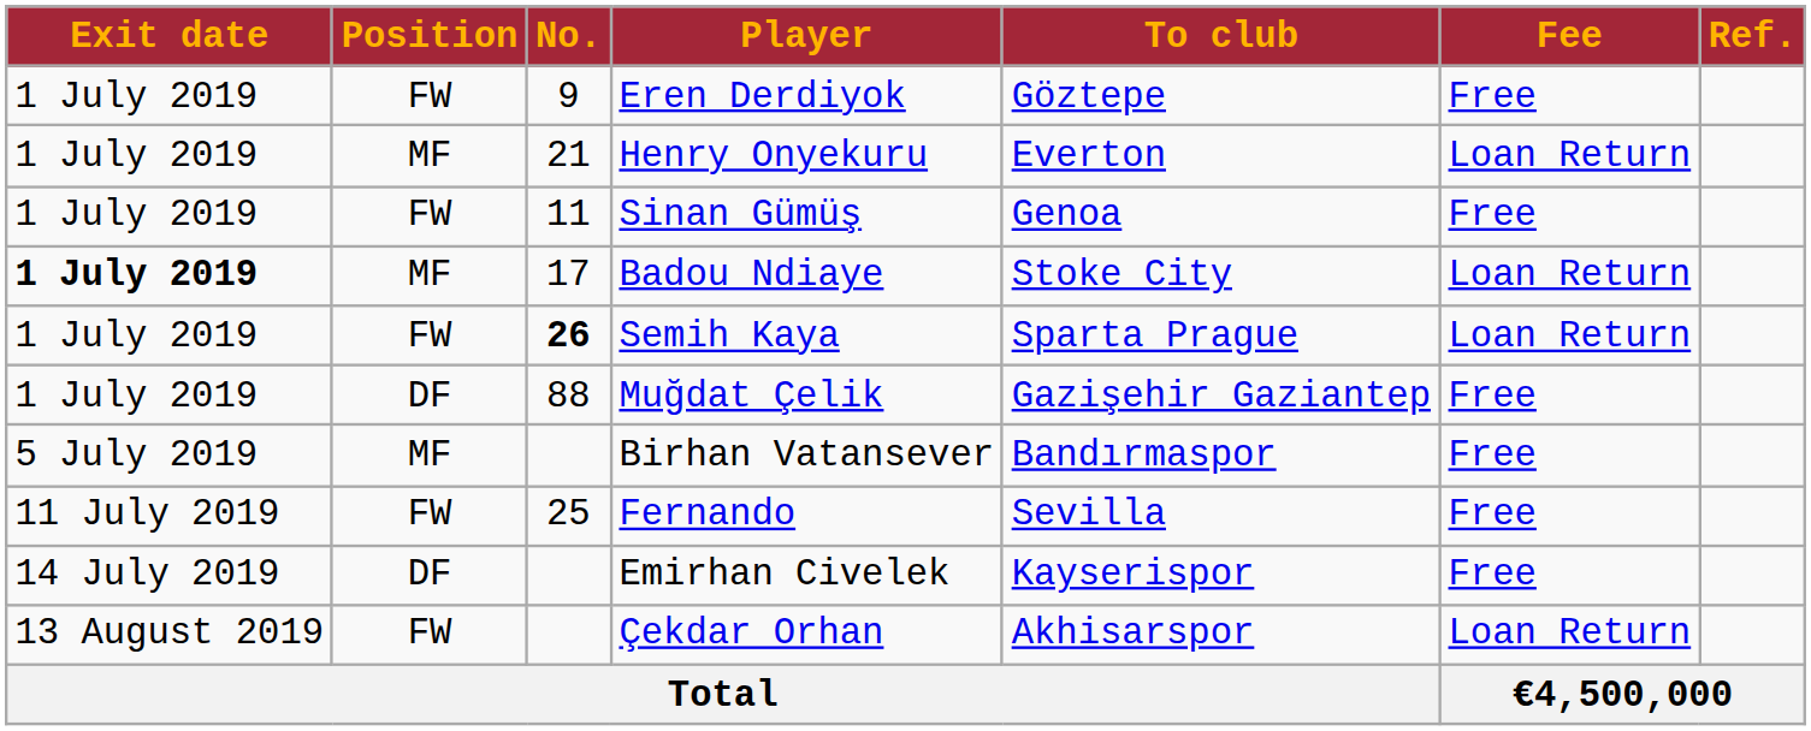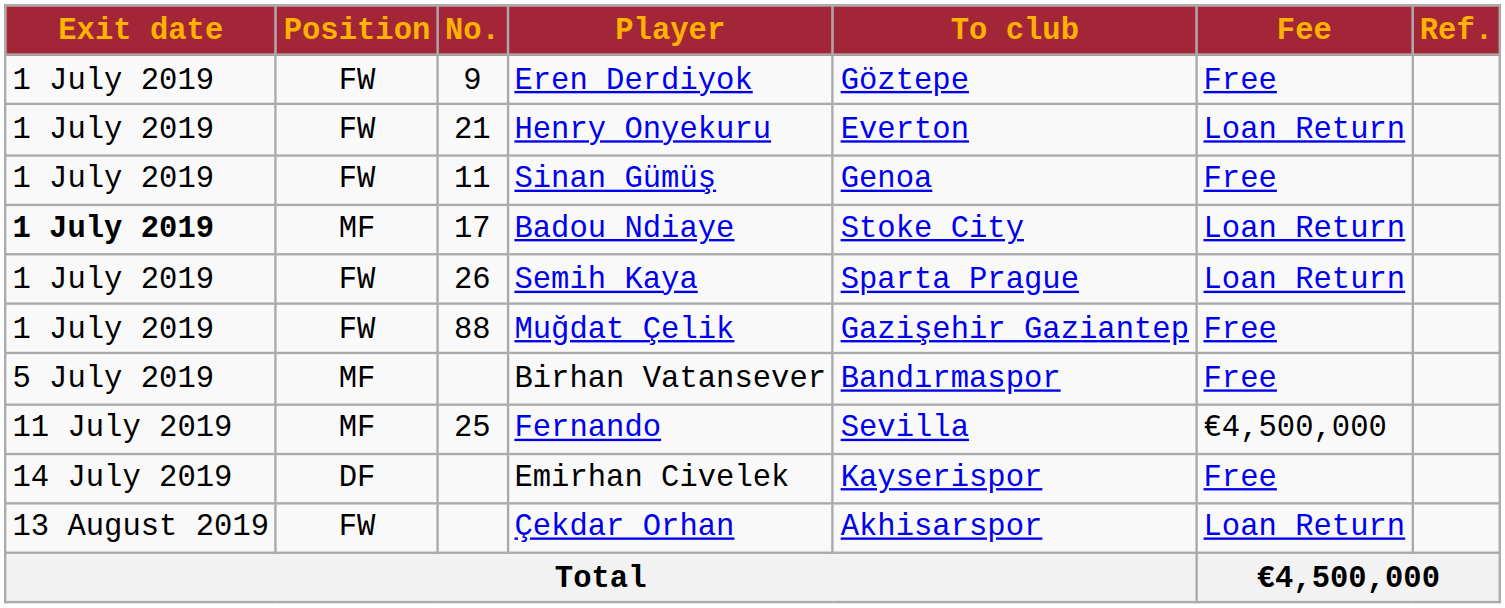 <table class="wikitable sortable">
 <tr>
 <th style="background:#a32638; color:#ffb300; ">Exit date</th>
 <th style="background:#a32638; color:#ffb300; ">Position</th>
 <th style="background:#a32638; color:#ffb300; ">No.</th>
 <th style="background:#a32638; color:#ffb300; ">Player</th>
 <th style="background:#a32638; color:#ffb300; ">To club</th>
 <th style="background:#a32638; color:#ffb300; ">Fee</th>
 <th style="background:#a32638; color:#ffb300; ">Ref.</th>
 </tr>
 <tr>
 <td>1 July 2019</td>
 <td style="text-align:center;">FW</td>
 <td style="text-align:center;">9</td>
 <td style="text-align:left;"> <a href='#'>Eren Derdiyok</a></td>
 <td style="text-align:left;"> <a href='#'>Göztepe</a></td>
 <td><a href='#'>Free</a></td>
 <td></td>
 </tr>
 <tr>
 <td>1 July 2019</td>
-<td style="text-align:center;">MF</td>
+<td style="text-align:center;">FW</td>
 <td style="text-align:center;">21</td>
 <td style="text-align:left;"> <a href='#'>Henry Onyekuru</a></td>
 <td style="text-align:left;"> <a href='#'>Everton</a></td>
 <td><a href='#'>Loan Return</a></td>
 <td></td>
 </tr>
 <tr>
 <td>1 July 2019</td>
 <td style="text-align:center;">FW</td>
 <td style="text-align:center;">11</td>
 <td style="text-align:left;"> <a href='#'>Sinan Gümüş</a></td>
 <td style="text-align:left;"> <a href='#'>Genoa</a></td>
 <td><a href='#'>Free</a></td>
 <td></td>
 </tr>
 <tr>
 <td><strong>1 July 2019</strong></td>
 <td style="text-align:center;">MF</td>
 <td style="text-align:center;">17</td>
 <td style="text-align:left;"> <a href='#'>Badou Ndiaye</a></td>
 <td style="text-align:left;"> <a href='#'>Stoke City</a></td>
 <td><a href='#'>Loan Return</a></td>
 <td></td>
 </tr>
 <tr>
 <td>1 July 2019</td>
 <td style="text-align:center;">FW</td>
-<td style="text-align:center;"><strong>26</strong></td>
+<td style="text-align:center;">26</td>
 <td style="text-align:left;"> <a href='#'>Semih Kaya</a></td>
 <td style="text-align:left;"> <a href='#'>Sparta Prague</a></td>
 <td><a href='#'>Loan Return</a></td>
 <td></td>
 </tr>
 <tr>
 <td>1 July 2019</td>
-<td style="text-align:center;">DF</td>
+<td style="text-align:center;">FW</td>
 <td style="text-align:center;">88</td>
 <td style="text-align:left;"> <a href='#'>Muğdat Çelik</a></td>
 <td style="text-align:left;"> <a href='#'>Gazişehir Gaziantep</a></td>
 <td><a href='#'>Free</a></td>
 <td></td>
 </tr>
 <tr>
 <td>5 July 2019</td>
 <td style="text-align:center;">MF</td>
 <td style="text-align:center;"></td>
 <td style="text-align:left;"> Birhan Vatansever</td>
 <td style="text-align:left;"> <a href='#'>Bandırmaspor</a></td>
 <td><a href='#'>Free</a></td>
 <td></td>
 </tr>
 <tr>
 <td>11 July 2019</td>
-<td style="text-align:center;">FW</td>
+<td style="text-align:center;">MF</td>
 <td style="text-align:center;">25</td>
 <td style="text-align:left;"> <a href='#'>Fernando</a></td>
 <td style="text-align:left;"> <a href='#'>Sevilla</a></td>
-<td><a href='#'>Free</a></td>
+<td>€4,500,000</td>
 <td></td>
 </tr>
 <tr>
 <td>14 July 2019</td>
 <td style="text-align:center;">DF</td>
 <td style="text-align:center;"></td>
 <td style="text-align:left;"> Emirhan Civelek</td>
 <td style="text-align:left;"> <a href='#'>Kayserispor</a></td>
 <td><a href='#'>Free</a></td>
 <td></td>
 </tr>
 <tr>
 <td>13 August 2019</td>
 <td style="text-align:center;">FW</td>
 <td style="text-align:center;"></td>
 <td style="text-align:left;"> <a href='#'>Çekdar Orhan</a></td>
 <td style="text-align:left;"> <a href='#'>Akhisarspor</a></td>
 <td><a href='#'>Loan Return</a></td>
 <td></td>
 </tr>
 <tr>
 <th colspan="5">Total</th>
 <th colspan="2">€4,500,000</th>
 </tr>
 </table>
